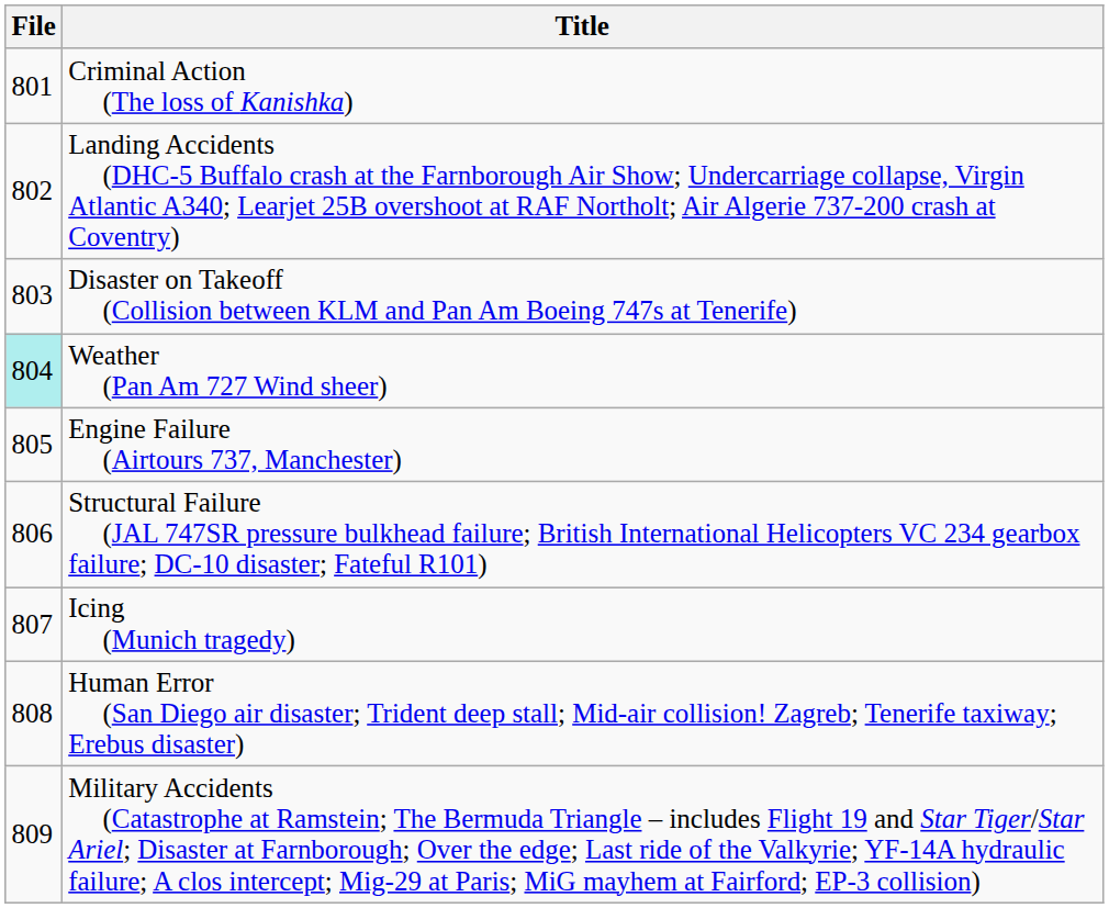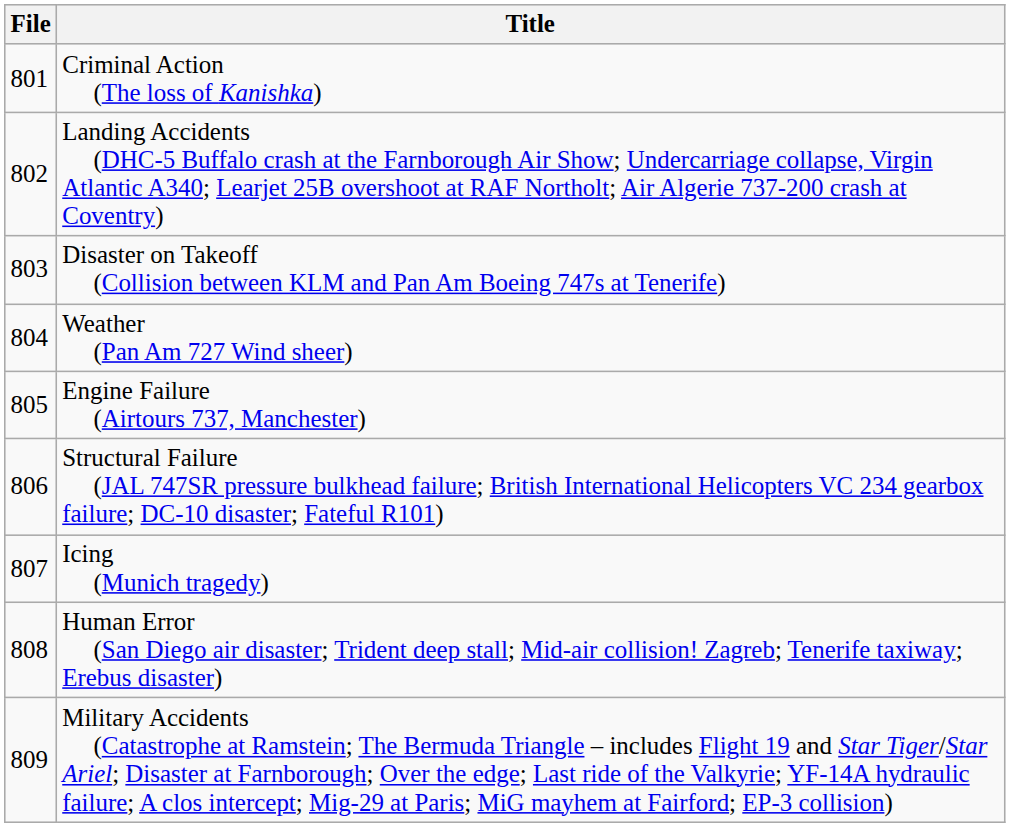 <table class="wikitable collapsible collapsed" border="1">
 <tr>
 <th>File</th>
 <th width=600>Title</th>
 </tr>
 <tr>
 <td>801</td>
 <td>Criminal Action<br>     (<a href='#'>The loss of <em>Kanishka</em></a>)</td>
 </tr>
 <tr>
 <td>802</td>
 <td>Landing Accidents<br>     (<a href='#'>DHC-5 Buffalo crash at the Farnborough Air Show</a>; <a href='#'>Undercarriage collapse, Virgin Atlantic A340</a>; <a href='#'>Learjet 25B overshoot at RAF Northolt</a>; <a href='#'>Air Algerie 737-200 crash at Coventry</a>)</td>
 </tr>
 <tr>
 <td>803</td>
 <td>Disaster on Takeoff<br>     (<a href='#'>Collision between KLM and Pan Am Boeing 747s at Tenerife</a>)</td>
 </tr>
 <tr>
-<td style="background: paleturquoise;">804</td>
+<td>804</td>
 <td>Weather<br>     (<a href='#'>Pan Am 727 Wind sheer</a>)</td>
 </tr>
 <tr>
 <td>805</td>
 <td>Engine Failure<br>     (<a href='#'>Airtours 737, Manchester</a>)</td>
 </tr>
 <tr>
 <td>806</td>
 <td>Structural Failure<br>     (<a href='#'>JAL 747SR pressure bulkhead failure</a>; <a href='#'>British International Helicopters VC 234 gearbox failure</a>; <a href='#'>DC-10 disaster</a>; <a href='#'>Fateful R101</a>)</td>
 </tr>
 <tr>
 <td>807</td>
 <td>Icing<br>     (<a href='#'>Munich tragedy</a>)</td>
 </tr>
 <tr>
 <td>808</td>
 <td>Human Error<br>     (<a href='#'>San Diego air disaster</a>; <a href='#'>Trident deep stall</a>; <a href='#'>Mid-air collision! Zagreb</a>; <a href='#'>Tenerife taxiway</a>; <a href='#'>Erebus disaster</a>)</td>
 </tr>
 <tr>
 <td>809</td>
 <td>Military Accidents<br>     (<a href='#'>Catastrophe at Ramstein</a>; <a href='#'>The Bermuda Triangle</a> – includes <a href='#'>Flight 19</a> and <a href='#'><em>Star Tiger</em></a>/<a href='#'><em>Star Ariel</em></a>; <a href='#'>Disaster at Farnborough</a>; <a href='#'>Over the edge</a>; <a href='#'>Last ride of the Valkyrie</a>; <a href='#'>YF-14A hydraulic failure</a>; <a href='#'>A clos intercept</a>; <a href='#'>Mig-29 at Paris</a>; <a href='#'>MiG mayhem at Fairford</a>; <a href='#'>EP-3 collision</a>)</td>
 </tr>
 </table>
